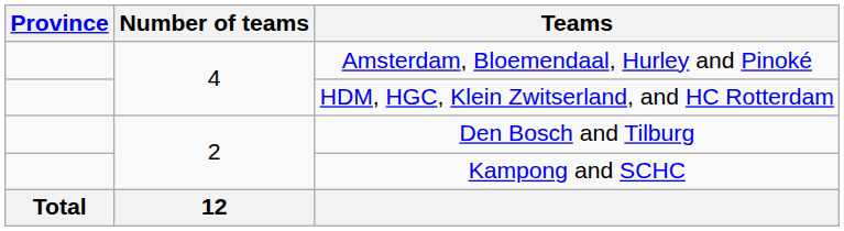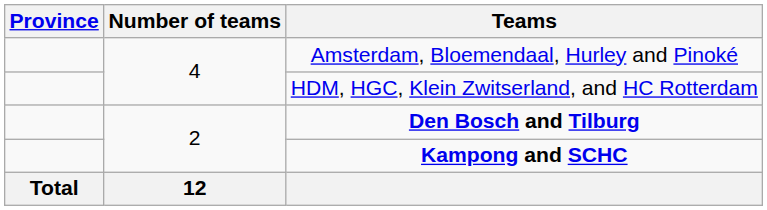 <table class="wikitable" style="text-align:center">
 <tr>
 <th><a href='#'>Province</a></th>
 <th>Number of teams</th>
 <th>Teams</th>
 </tr>
 <tr>
 <td align="left"></td>
 <td rowspan=2>4</td>
 <td><a href='#'>Amsterdam</a>, <a href='#'>Bloemendaal</a>, <a href='#'>Hurley</a> and <a href='#'>Pinoké</a></td>
 </tr>
 <tr>
 <td align="left"></td>
 <td><a href='#'>HDM</a>, <a href='#'>HGC</a>, <a href='#'>Klein Zwitserland</a>, and <a href='#'>HC Rotterdam</a></td>
 </tr>
 <tr>
 <td align="left"></td>
 <td rowspan=2>2</td>
-<td><a href='#'>Den Bosch</a> and <a href='#'>Tilburg</a></td>
+<td><strong><a href='#'>Den Bosch</a> and <a href='#'>Tilburg</a></strong></td>
 </tr>
 <tr>
 <td align="left"></td>
-<td><a href='#'>Kampong</a> and <a href='#'>SCHC</a></td>
+<td><strong><a href='#'>Kampong</a> and <a href='#'>SCHC</a></strong></td>
 </tr>
 <tr>
 <th>Total</th>
 <th>12</th>
 <th></th>
 </tr>
 </table>
